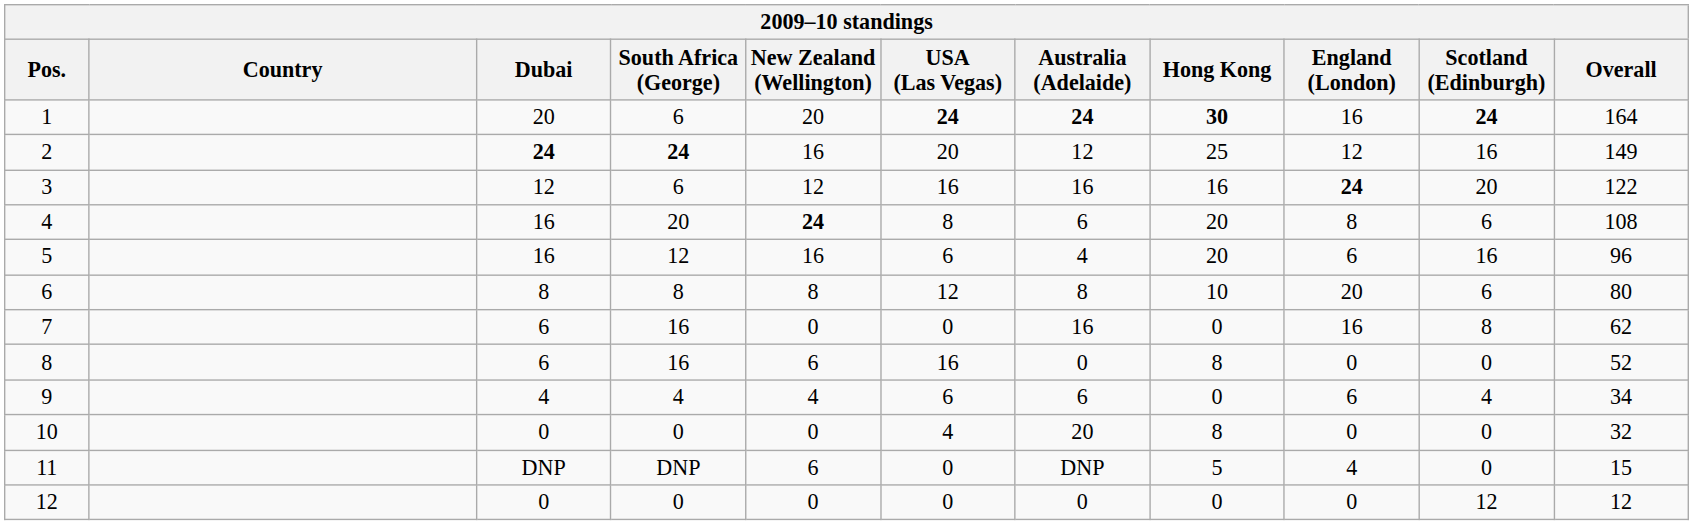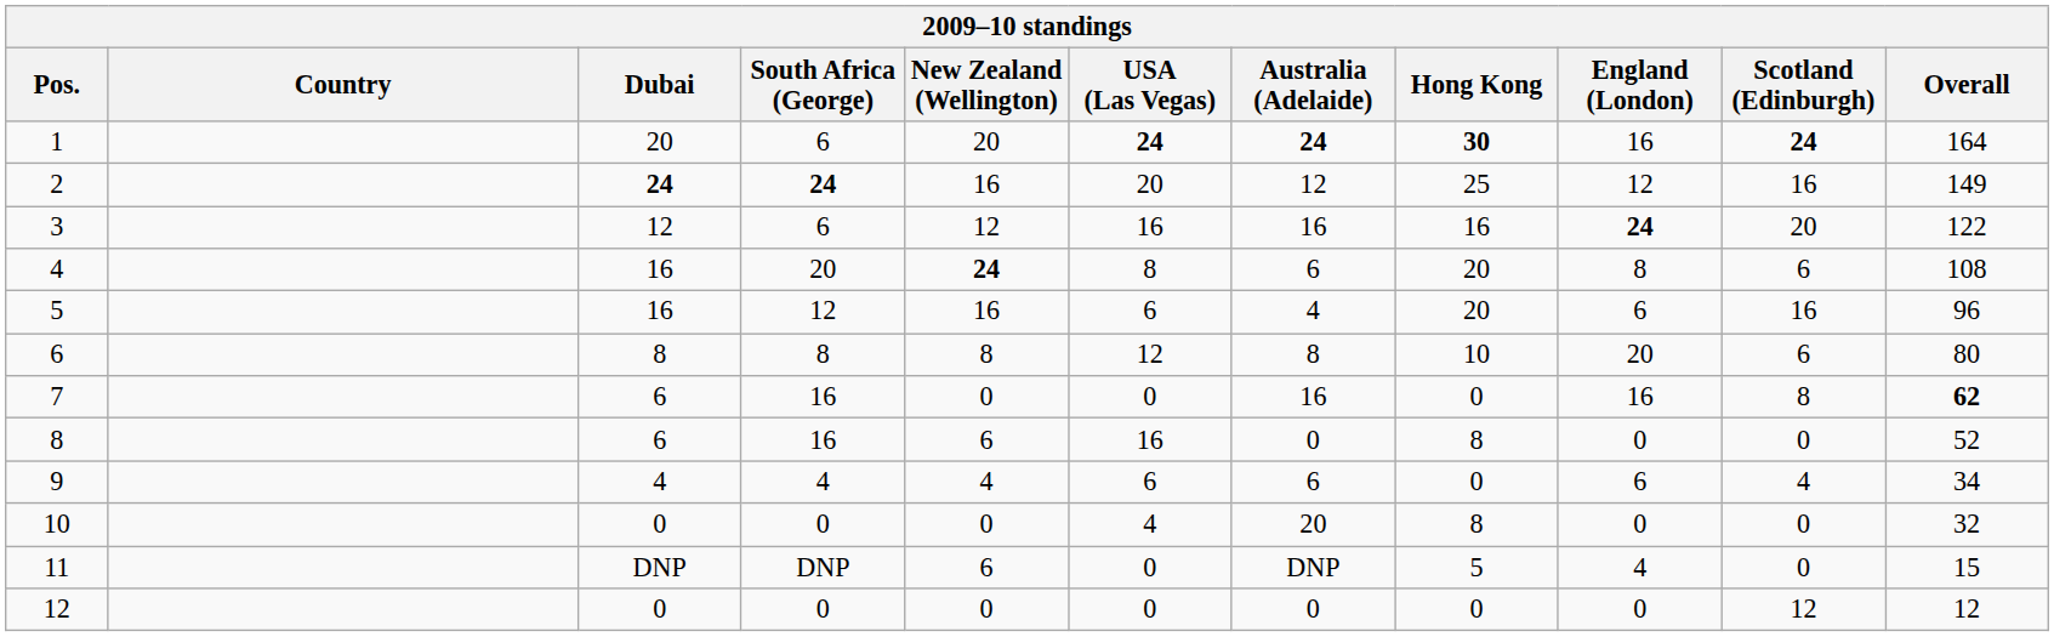 <table class="wikitable" style="text-align:center">
 <tr bgcolor="#efefef">
 <th colspan=12 style="border-right:0px;";>2009–10 standings</th>
 </tr>
 <tr bgcolor="#efefef">
 <th width=5%>Pos.</th>
 <th>Country</th>
 <th width=8%>Dubai</th>
 <th width=8%>South Africa<br>(George)</th>
 <th width=8%>New Zealand<br>(Wellington)</th>
 <th width=8%>USA<br>(Las Vegas)</th>
 <th width=8%>Australia<br>(Adelaide)</th>
 <th width=8%>Hong Kong</th>
 <th width=8%>England<br>(London)</th>
 <th width=8%>Scotland<br>(Edinburgh)</th>
 <th width=8%>Overall</th>
 </tr>
 <tr>
 <td>1</td>
 <td align=left></td>
 <td>20</td>
 <td>6</td>
 <td>20</td>
 <td><strong>24</strong></td>
 <td><strong>24</strong></td>
 <td><strong>30</strong></td>
 <td>16</td>
 <td><strong>24</strong></td>
 <td>164</td>
 </tr>
 <tr>
 <td>2</td>
 <td align=left></td>
 <td><strong>24</strong></td>
 <td><strong>24</strong></td>
 <td>16</td>
 <td>20</td>
 <td>12</td>
 <td>25</td>
 <td>12</td>
 <td>16</td>
 <td>149</td>
 </tr>
 <tr>
 <td>3</td>
 <td align=left></td>
 <td>12</td>
 <td>6</td>
 <td>12</td>
 <td>16</td>
 <td>16</td>
 <td>16</td>
 <td><strong>24</strong></td>
 <td>20</td>
 <td>122</td>
 </tr>
 <tr>
 <td>4</td>
 <td align=left></td>
 <td>16</td>
 <td>20</td>
 <td><strong>24</strong></td>
 <td>8</td>
 <td>6</td>
 <td>20</td>
 <td>8</td>
 <td>6</td>
 <td>108</td>
 </tr>
 <tr>
 <td>5</td>
 <td align=left></td>
 <td>16</td>
 <td>12</td>
 <td>16</td>
 <td>6</td>
 <td>4</td>
 <td>20</td>
 <td>6</td>
 <td>16</td>
 <td>96</td>
 </tr>
 <tr>
 <td>6</td>
 <td align=left></td>
 <td>8</td>
 <td>8</td>
 <td>8</td>
 <td>12</td>
 <td>8</td>
 <td>10</td>
 <td>20</td>
 <td>6</td>
 <td>80</td>
 </tr>
 <tr>
 <td>7</td>
 <td align=left></td>
 <td>6</td>
 <td>16</td>
 <td>0</td>
 <td>0</td>
 <td>16</td>
 <td>0</td>
 <td>16</td>
 <td>8</td>
-<td>62</td>
+<td><strong>62</strong></td>
 </tr>
 <tr>
 <td>8</td>
 <td align=left></td>
 <td>6</td>
 <td>16</td>
 <td>6</td>
 <td>16</td>
 <td>0</td>
 <td>8</td>
 <td>0</td>
 <td>0</td>
 <td>52</td>
 </tr>
 <tr>
 <td>9</td>
 <td align=left></td>
 <td>4</td>
 <td>4</td>
 <td>4</td>
 <td>6</td>
 <td>6</td>
 <td>0</td>
 <td>6</td>
 <td>4</td>
 <td>34</td>
 </tr>
 <tr>
 <td>10</td>
 <td align=left></td>
 <td>0</td>
 <td>0</td>
 <td>0</td>
 <td>4</td>
 <td>20</td>
 <td>8</td>
 <td>0</td>
 <td>0</td>
 <td>32</td>
 </tr>
 <tr>
 <td>11</td>
 <td align=left></td>
 <td>DNP</td>
 <td>DNP</td>
 <td>6</td>
 <td>0</td>
 <td>DNP</td>
 <td>5</td>
 <td>4</td>
 <td>0</td>
 <td>15</td>
 </tr>
 <tr>
 <td>12</td>
 <td align=left></td>
 <td>0</td>
 <td>0</td>
 <td>0</td>
 <td>0</td>
 <td>0</td>
 <td>0</td>
 <td>0</td>
 <td>12</td>
 <td>12<br></td>
 </tr>
 </table>
